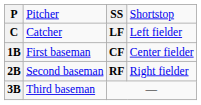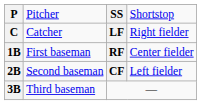 <table class="wikitable plainrowheaders" style="font-size:85%">
 <tr>
 <th scope="row" style="text-align:center">P</th>
 <td><a href='#'>Pitcher</a></td>
 <th scope="row" style="text-align:center">SS</th>
 <td><a href='#'>Shortstop</a></td>
 </tr>
 <tr>
 <th scope="row" style="text-align:center">C</th>
 <td><a href='#'>Catcher</a></td>
 <th scope="row" style="text-align:center">LF</th>
-<td><a href='#'>Left fielder</a></td>
+<td><a href='#'>Right fielder</a></td>
 </tr>
 <tr>
 <th scope="row" style="text-align:center">1B</th>
 <td><a href='#'>First baseman</a></td>
-<th scope="row" style="text-align:center">CF</th>
+<th scope="row" style="text-align:center">RF</th>
 <td><a href='#'>Center fielder</a></td>
 </tr>
 <tr>
 <th scope="row" style="text-align:center">2B</th>
 <td><a href='#'>Second baseman</a></td>
-<th scope="row" style="text-align:center">RF</th>
-<td><a href='#'>Right fielder</a></td>
+<th scope="row" style="text-align:center">CF</th>
+<td><a href='#'>Left fielder</a></td>
 </tr>
 <tr>
 <th scope="row" style="text-align:center">3B</th>
 <td><a href='#'>Third baseman</a></td>
 <td colspan="2" style="text-align:center">—</td>
 </tr>
 </table>
